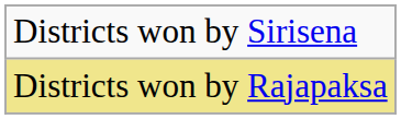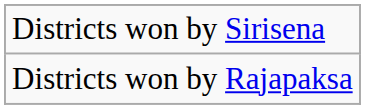 <table class="wikitable">
 <tr>
 <td>Districts won by <a href='#'>Sirisena</a></td>
 </tr>
 <tr>
-<td style="background: khaki;">Districts won by <a href='#'>Rajapaksa</a></td>
+<td>Districts won by <a href='#'>Rajapaksa</a></td>
 </tr>
 </table>
